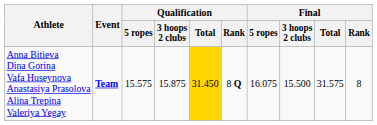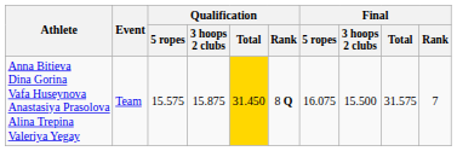 <table class="wikitable" style="font-size:90%">
 <tr>
 <th rowspan="2">Athlete</th>
 <th rowspan="2">Event</th>
 <th colspan="4">Qualification</th>
 <th colspan="4">Final</th>
 </tr>
 <tr style="font-size:95%">
 <th>5 ropes</th>
 <th>3 hoops<br>2 clubs</th>
 <th>Total</th>
 <th>Rank</th>
 <th>5 ropes</th>
 <th>3 hoops<br>2 clubs</th>
 <th>Total</th>
 <th>Rank</th>
 </tr>
 <tr align=center>
 <td align=left><a href='#'>Anna Bitieva</a><br><a href='#'>Dina Gorina</a><br><a href='#'>Vafa Huseynova</a><br><a href='#'>Anastasiya Prasolova</a><br><a href='#'>Alina Trepina</a><br><a href='#'>Valeriya Yegay</a></td>
-<td align=left><strong><a href='#'>Team</a></strong></td>
+<td align=left><a href='#'>Team</a></td>
 <td>15.575</td>
 <td>15.875</td>
 <td style="background: gold;">31.450</td>
 <td>8 <strong>Q</strong></td>
 <td>16.075</td>
 <td>15.500</td>
 <td>31.575</td>
-<td>8</td>
+<td>7</td>
 </tr>
 </table>
